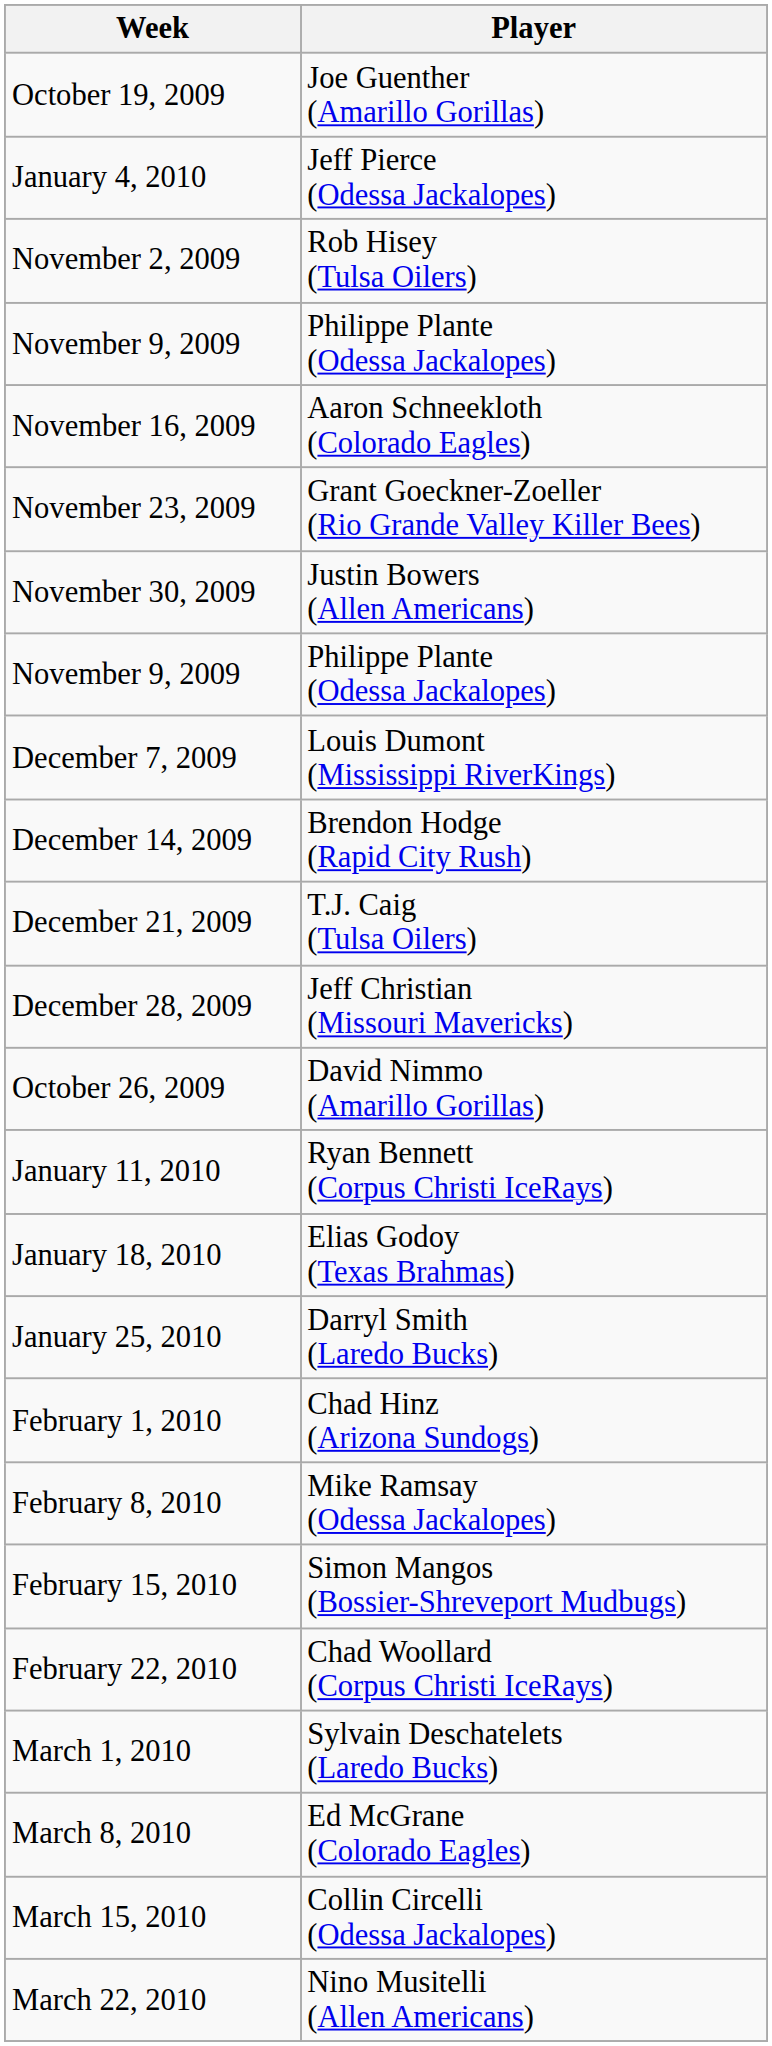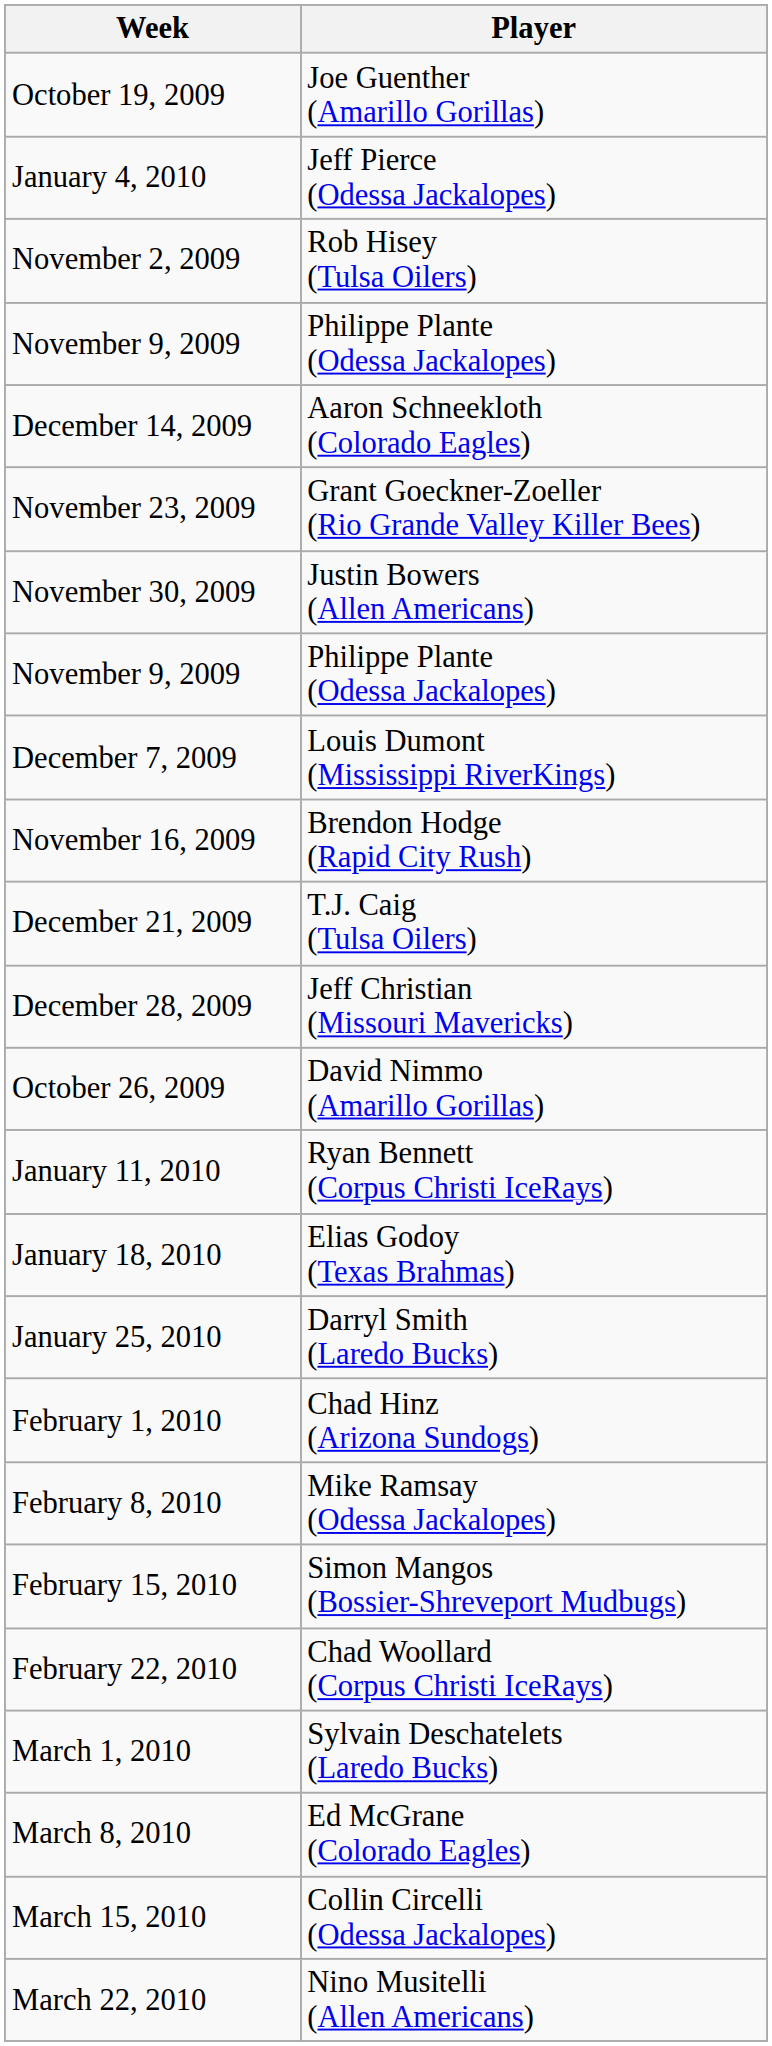 <table class="wikitable" style="width: 25em;">
 <tr align="center">
 <th>Week</th>
 <th>Player</th>
 </tr>
 <tr>
 <td>October 19, 2009</td>
 <td>Joe Guenther<br>(<a href='#'>Amarillo Gorillas</a>)</td>
 </tr>
 <tr>
 <td>January 4, 2010</td>
 <td>Jeff Pierce<br>(<a href='#'>Odessa Jackalopes</a>)</td>
 </tr>
 <tr>
 <td>November 2, 2009</td>
 <td>Rob Hisey<br>(<a href='#'>Tulsa Oilers</a>)</td>
 </tr>
 <tr>
 <td>November 9, 2009</td>
 <td>Philippe Plante<br>(<a href='#'>Odessa Jackalopes</a>)</td>
 </tr>
 <tr>
-<td>November 16, 2009</td>
+<td>December 14, 2009</td>
 <td>Aaron Schneekloth<br>(<a href='#'>Colorado Eagles</a>)</td>
 </tr>
 <tr>
 <td>November 23, 2009</td>
 <td>Grant Goeckner-Zoeller<br>(<a href='#'>Rio Grande Valley Killer Bees</a>)</td>
 </tr>
 <tr>
 <td>November 30, 2009</td>
 <td>Justin Bowers<br>(<a href='#'>Allen Americans</a>)</td>
 </tr>
 <tr>
 <td>November 9, 2009</td>
 <td>Philippe Plante<br>(<a href='#'>Odessa Jackalopes</a>)</td>
 </tr>
 <tr>
 <td>December 7, 2009</td>
 <td>Louis Dumont<br>(<a href='#'>Mississippi RiverKings</a>)</td>
 </tr>
 <tr>
-<td>December 14, 2009</td>
+<td>November 16, 2009</td>
 <td>Brendon Hodge<br>(<a href='#'>Rapid City Rush</a>)</td>
 </tr>
 <tr>
 <td>December 21, 2009</td>
 <td>T.J. Caig<br>(<a href='#'>Tulsa Oilers</a>)</td>
 </tr>
 <tr>
 <td>December 28, 2009</td>
 <td>Jeff Christian<br>(<a href='#'>Missouri Mavericks</a>)</td>
 </tr>
 <tr>
 <td>October 26, 2009</td>
 <td>David Nimmo<br>(<a href='#'>Amarillo Gorillas</a>)</td>
 </tr>
 <tr>
 <td>January 11, 2010</td>
 <td>Ryan Bennett<br>(<a href='#'>Corpus Christi IceRays</a>)</td>
 </tr>
 <tr>
 <td>January 18, 2010</td>
 <td>Elias Godoy<br>(<a href='#'>Texas Brahmas</a>)</td>
 </tr>
 <tr>
 <td>January 25, 2010</td>
 <td>Darryl Smith<br>(<a href='#'>Laredo Bucks</a>)</td>
 </tr>
 <tr>
 <td>February 1, 2010</td>
 <td>Chad Hinz<br>(<a href='#'>Arizona Sundogs</a>)</td>
 </tr>
 <tr>
 <td>February 8, 2010</td>
 <td>Mike Ramsay<br>(<a href='#'>Odessa Jackalopes</a>)</td>
 </tr>
 <tr>
 <td>February 15, 2010</td>
 <td>Simon Mangos<br>(<a href='#'>Bossier-Shreveport Mudbugs</a>)</td>
 </tr>
 <tr>
 <td>February 22, 2010</td>
 <td>Chad Woollard<br>(<a href='#'>Corpus Christi IceRays</a>)</td>
 </tr>
 <tr>
 <td>March 1, 2010</td>
 <td>Sylvain Deschatelets<br>(<a href='#'>Laredo Bucks</a>)</td>
 </tr>
 <tr>
 <td>March 8, 2010</td>
 <td>Ed McGrane<br>(<a href='#'>Colorado Eagles</a>)</td>
 </tr>
 <tr>
 <td>March 15, 2010</td>
 <td>Collin Circelli<br>(<a href='#'>Odessa Jackalopes</a>)</td>
 </tr>
 <tr>
 <td>March 22, 2010</td>
 <td>Nino Musitelli<br>(<a href='#'>Allen Americans</a>)</td>
 </tr>
 </table>
